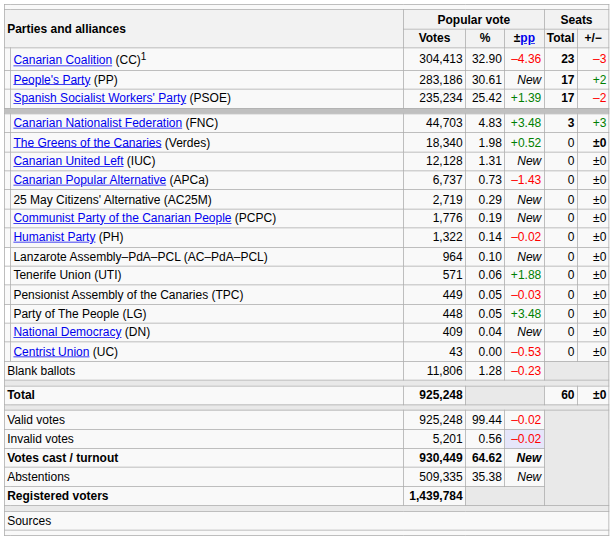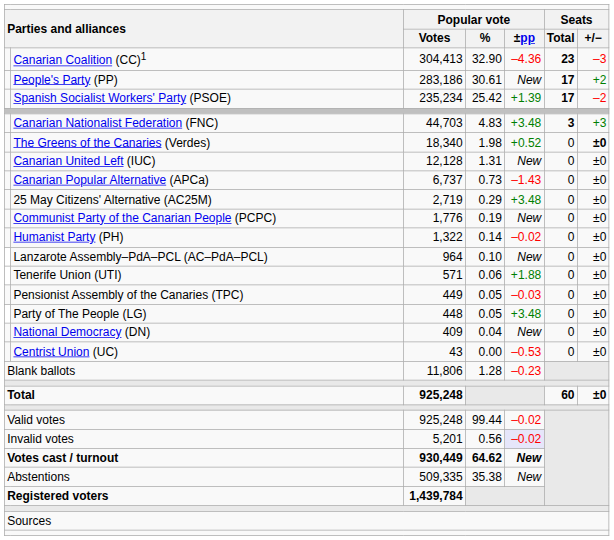 <table class="wikitable" style="text-align:right;">
 <tr>
 <td colspan="7"></td>
 </tr>
 <tr>
 <th style="text-align:left;" rowspan="2" colspan="2" width="525">Parties and alliances</th>
 <th colspan="3">Popular vote</th>
 <th colspan="2">Seats</th>
 </tr>
 <tr>
 <th width="75">Votes</th>
 <th width="45">%</th>
 <th width="45">±<a href='#'>pp</a></th>
 <th width="35">Total</th>
 <th width="35">+/−</th>
 </tr>
 <tr>
 <td width="1" style="color:inherit;background:"></td>
 <td align="left"><a href='#'>Canarian Coalition</a> (CC)<sup>1</sup></td>
 <td>304,413</td>
 <td>32.90</td>
 <td style="color:red;">–4.36</td>
 <td><strong>23</strong></td>
 <td style="color:red;">–3</td>
 </tr>
 <tr>
 <td style="color:inherit;background:"></td>
 <td align="left"><a href='#'>People's Party</a> (PP)</td>
 <td>283,186</td>
 <td>30.61</td>
 <td><em>New</em></td>
 <td><strong>17</strong></td>
 <td style="color:green;">+2</td>
 </tr>
 <tr>
 <td style="color:inherit;background:"></td>
 <td align="left"><a href='#'>Spanish Socialist Workers' Party</a> (PSOE)</td>
 <td>235,234</td>
 <td>25.42</td>
 <td style="color:green;">+1.39</td>
 <td><strong>17</strong></td>
 <td style="color:red;">–2</td>
 </tr>
 <tr>
 <td colspan="7" bgcolor="#C0C0C0"></td>
 </tr>
 <tr>
 <td style="color:inherit;background:"></td>
 <td align="left"><a href='#'>Canarian Nationalist Federation</a> (FNC)</td>
 <td>44,703</td>
 <td>4.83</td>
 <td style="color:green;">+3.48</td>
 <td><strong>3</strong></td>
 <td style="color:green;">+3</td>
 </tr>
 <tr>
 <td style="color:inherit;background:"></td>
 <td align="left"><a href='#'>The Greens of the Canaries</a> (Verdes)</td>
 <td>18,340</td>
 <td>1.98</td>
 <td style="color:green;">+0.52</td>
 <td>0</td>
 <td><strong>±0</strong></td>
 </tr>
 <tr>
 <td style="color:inherit;background:"></td>
 <td align="left"><a href='#'>Canarian United Left</a> (IUC)</td>
 <td>12,128</td>
 <td>1.31</td>
 <td><em>New</em></td>
 <td>0</td>
 <td>±0</td>
 </tr>
 <tr>
 <td style="color:inherit;background:"></td>
 <td align="left"><a href='#'>Canarian Popular Alternative</a> (APCa)</td>
 <td>6,737</td>
 <td>0.73</td>
 <td style="color:red;">–1.43</td>
 <td>0</td>
 <td>±0</td>
 </tr>
 <tr>
 <td style="color:inherit;background:"></td>
 <td align="left">25 May Citizens' Alternative (AC25M)</td>
 <td>2,719</td>
 <td>0.29</td>
-<td><em>New</em></td>
+<td style="color:green;">+3.48</td>
 <td>0</td>
 <td>±0</td>
 </tr>
 <tr>
 <td style="color:inherit;background:"></td>
 <td align="left"><a href='#'>Communist Party of the Canarian People</a> (PCPC)</td>
 <td>1,776</td>
 <td>0.19</td>
 <td><em>New</em></td>
 <td>0</td>
 <td>±0</td>
 </tr>
 <tr>
 <td style="color:inherit;background:"></td>
 <td align="left"><a href='#'>Humanist Party</a> (PH)</td>
 <td>1,322</td>
 <td>0.14</td>
 <td style="color:red;">–0.02</td>
 <td>0</td>
 <td>±0</td>
 </tr>
 <tr>
 <td bgcolor="white"></td>
 <td align="left">Lanzarote Assembly–PdA–PCL (AC–PdA–PCL)</td>
 <td>964</td>
 <td>0.10</td>
 <td><em>New</em></td>
 <td>0</td>
 <td>±0</td>
 </tr>
 <tr>
 <td bgcolor="white"></td>
 <td align="left">Tenerife Union (UTI)</td>
 <td>571</td>
 <td>0.06</td>
 <td style="color:green;">+1.88</td>
 <td>0</td>
 <td>±0</td>
 </tr>
 <tr>
 <td style="color:inherit;background:"></td>
 <td align="left">Pensionist Assembly of the Canaries (TPC)</td>
 <td>449</td>
 <td>0.05</td>
 <td style="color:red;">–0.03</td>
 <td>0</td>
 <td>±0</td>
 </tr>
 <tr>
 <td bgcolor="white"></td>
 <td align="left">Party of The People (LG)</td>
 <td>448</td>
 <td>0.05</td>
 <td style="color:green;">+3.48</td>
 <td>0</td>
 <td>±0</td>
 </tr>
 <tr>
 <td style="color:inherit;background:"></td>
 <td align="left"><a href='#'>National Democracy</a> (DN)</td>
 <td>409</td>
 <td>0.04</td>
 <td><em>New</em></td>
 <td>0</td>
 <td>±0</td>
 </tr>
 <tr>
 <td style="color:inherit;background:"></td>
 <td align="left"><a href='#'>Centrist Union</a> (UC)</td>
 <td>43</td>
 <td>0.00</td>
 <td style="color:red;">–0.53</td>
 <td>0</td>
 <td>±0</td>
 </tr>
 <tr>
 <td align="left" colspan="2">Blank ballots</td>
 <td>11,806</td>
 <td>1.28</td>
 <td style="color:red;">–0.23</td>
 <td bgcolor="#E9E9E9" colspan="2"></td>
 </tr>
 <tr>
 <td colspan="7" bgcolor="#E9E9E9"></td>
 </tr>
 <tr style="font-weight:bold;">
 <td align="left" colspan="2">Total</td>
 <td>925,248</td>
 <td bgcolor="#E9E9E9" colspan="2"></td>
 <td>60</td>
 <td>±0</td>
 </tr>
 <tr>
 <td colspan="7" bgcolor="#E9E9E9"></td>
 </tr>
 <tr>
 <td align="left" colspan="2">Valid votes</td>
 <td>925,248</td>
 <td>99.44</td>
 <td style="color:red;">–0.02</td>
 <td bgcolor="#E9E9E9" colspan="2" rowspan="5"></td>
 </tr>
 <tr>
 <td align="left" colspan="2">Invalid votes</td>
 <td>5,201</td>
 <td>0.56</td>
 <td style="background: lavender; color:red;">–0.02</td>
 </tr>
 <tr style="font-weight:bold;">
 <td align="left" colspan="2">Votes cast / turnout</td>
 <td>930,449</td>
 <td>64.62</td>
 <td><em>New</em></td>
 </tr>
 <tr>
 <td align="left" colspan="2">Abstentions</td>
 <td>509,335</td>
 <td>35.38</td>
 <td><em>New</em></td>
 </tr>
 <tr style="font-weight:bold;">
 <td align="left" colspan="2">Registered voters</td>
 <td>1,439,784</td>
 <td bgcolor="#E9E9E9" colspan="2"></td>
 </tr>
 <tr>
 <td colspan="7" bgcolor="#E9E9E9"></td>
 </tr>
 <tr>
 <td align="left" colspan="7">Sources</td>
 </tr>
 <tr>
 <td colspan="7" style="text-align:left; max-width:790px;"></td>
 </tr>
 </table>
